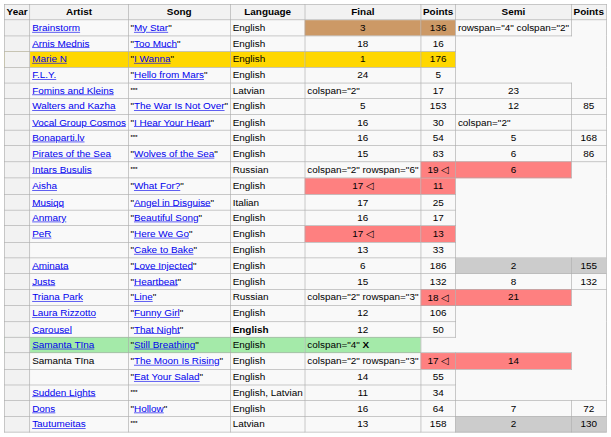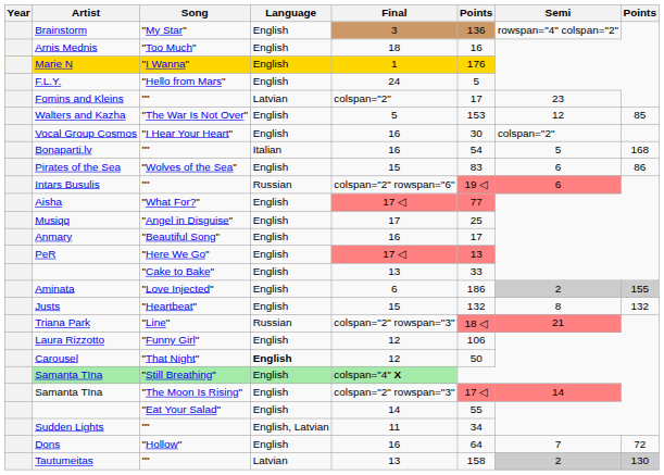 <table class="wikitable sortable plainrowheaders">
 <tr>
 <th scope="col">Year</th>
 <th scope="col">Artist</th>
 <th scope="col">Song</th>
 <th scope="col">Language</th>
 <th scope="col" data-sort-type="number">Final</th>
 <th scope="col" data-sort-type="number">Points</th>
 <th scope="col" data-sort-type="number">Semi</th>
 <th scope="col" data-sort-type="number">Points</th>
 </tr>
 <tr>
 <th scope="row" style="text-align:center;"></th>
 <td><a href='#'>Brainstorm</a></td>
 <td>"<a href='#'>My Star</a>"</td>
 <td>English</td>
 <td style="text-align:center; background-color:#C96;">3</td>
 <td style="text-align:center; background-color:#C96;">136</td>
 <td>rowspan="4" colspan="2" </td>
 </tr>
 <tr>
 <th scope="row" style="text-align:center;"></th>
 <td><a href='#'>Arnis Mednis</a></td>
 <td>"<a href='#'>Too Much</a>"</td>
 <td>English</td>
 <td style="text-align:center;">18</td>
 <td style="text-align:center;">16</td>
 </tr>
 <tr style="background-color:#FFD700;">
 <th scope="row" style="text-align:center;"></th>
 <td><a href='#'>Marie N</a></td>
 <td>"<a href='#'>I Wanna</a>"</td>
 <td>English</td>
 <td style="text-align:center;">1</td>
 <td style="text-align:center;">176</td>
 </tr>
 <tr>
 <th scope="row" style="text-align:center;"></th>
 <td><a href='#'>F.L.Y.</a></td>
 <td>"<a href='#'>Hello from Mars</a>"</td>
 <td>English</td>
 <td style="text-align:center;">24</td>
 <td style="text-align:center;">5</td>
 </tr>
 <tr>
 <th scope="row" style="text-align:center;"></th>
 <td><a href='#'>Fomins and Kleins</a></td>
 <td>""</td>
 <td>Latvian</td>
 <td>colspan="2" </td>
 <td style="text-align:center;">17</td>
 <td style="text-align:center;">23</td>
 </tr>
 <tr>
 <th scope="row" style="text-align:center;"></th>
 <td><a href='#'>Walters and Kazha</a></td>
 <td>"<a href='#'>The War Is Not Over</a>"</td>
 <td>English</td>
 <td style="text-align:center;">5</td>
 <td style="text-align:center;">153</td>
 <td style="text-align:center;">12</td>
 <td style="text-align:center;">85</td>
 </tr>
 <tr>
 <th scope="row" style="text-align:center;"></th>
 <td><a href='#'>Vocal Group Cosmos</a></td>
 <td>"<a href='#'>I Hear Your Heart</a>"</td>
 <td>English</td>
 <td style="text-align:center;">16</td>
 <td style="text-align:center;">30</td>
 <td>colspan="2" </td>
 </tr>
 <tr>
 <th scope="row" style="text-align:center;"></th>
 <td><a href='#'>Bonaparti.lv</a></td>
 <td>""</td>
-<td>English</td>
+<td>Italian</td>
 <td style="text-align:center;">16</td>
 <td style="text-align:center;">54</td>
 <td style="text-align:center;">5</td>
 <td style="text-align:center;">168</td>
 </tr>
 <tr>
 <th scope="row" style="text-align:center;"></th>
 <td><a href='#'>Pirates of the Sea</a></td>
 <td>"<a href='#'>Wolves of the Sea</a>"</td>
 <td>English</td>
 <td style="text-align:center;">15</td>
 <td style="text-align:center;">83</td>
 <td style="text-align:center;">6</td>
 <td style="text-align:center;">86</td>
 </tr>
 <tr>
 <th scope="row" style="text-align:center;"></th>
 <td><a href='#'>Intars Busulis</a></td>
 <td>"" </td>
 <td>Russian</td>
 <td>colspan="2" rowspan="6" </td>
 <td style="text-align:center; background-color:#FE8080;">19 ◁</td>
 <td style="text-align:center; background-color:#FE8080;">6</td>
 </tr>
 <tr>
 <th scope="row" style="text-align:center;"></th>
 <td><a href='#'>Aisha</a></td>
 <td>"<a href='#'>What For?</a>"</td>
 <td>English</td>
 <td style="text-align:center; background-color:#FE8080;">17 ◁</td>
-<td style="text-align:center; background-color:#FE8080;">11</td>
+<td style="text-align:center; background-color:#FE8080;">77</td>
 </tr>
 <tr>
 <th scope="row" style="text-align:center;"></th>
 <td><a href='#'>Musiqq</a></td>
 <td>"<a href='#'>Angel in Disguise</a>"</td>
-<td>Italian</td>
+<td>English</td>
 <td style="text-align:center;">17</td>
 <td style="text-align:center;">25</td>
 </tr>
 <tr>
 <th scope="row" style="text-align:center;"></th>
 <td><a href='#'>Anmary</a></td>
 <td>"<a href='#'>Beautiful Song</a>"</td>
 <td>English</td>
 <td style="text-align:center;">16</td>
 <td style="text-align:center;">17</td>
 </tr>
 <tr>
 <th scope="row" style="text-align:center;"></th>
 <td><a href='#'>PeR</a></td>
 <td>"<a href='#'>Here We Go</a>"</td>
 <td>English</td>
 <td style="text-align:center; background-color:#FE8080;">17 ◁</td>
 <td style="text-align:center; background-color:#FE8080;">13</td>
 </tr>
 <tr>
 <th scope="row" style="text-align:center;"></th>
 <td></td>
 <td>"<a href='#'>Cake to Bake</a>"</td>
 <td>English</td>
 <td style="text-align:center;">13</td>
 <td style="text-align:center;">33</td>
 </tr>
 <tr>
 <th scope="row" style="text-align:center;"></th>
 <td><a href='#'>Aminata</a></td>
 <td>"<a href='#'>Love Injected</a>"</td>
 <td>English</td>
 <td style="text-align:center;">6</td>
 <td style="text-align:center;">186</td>
 <td style="text-align:center; background-color:#CCC;">2</td>
 <td style="text-align:center; background-color:#CCC;">155</td>
 </tr>
 <tr>
 <th scope="row" style="text-align:center;"></th>
 <td><a href='#'>Justs</a></td>
 <td>"<a href='#'>Heartbeat</a>"</td>
 <td>English</td>
 <td style="text-align:center;">15</td>
 <td style="text-align:center;">132</td>
 <td style="text-align:center;">8</td>
 <td style="text-align:center;">132</td>
 </tr>
 <tr>
 <th scope="row" style="text-align:center;"></th>
 <td><a href='#'>Triana Park</a></td>
 <td>"<a href='#'>Line</a>"</td>
 <td>Russian</td>
 <td>colspan="2" rowspan="3" </td>
 <td style="text-align:center; background-color:#FE8080;">18 ◁</td>
 <td style="text-align:center; background-color:#FE8080;">21</td>
 </tr>
 <tr>
 <th scope="row" style="text-align:center;"></th>
 <td><a href='#'>Laura Rizzotto</a></td>
 <td>"<a href='#'>Funny Girl</a>"</td>
 <td>English</td>
 <td style="text-align:center;">12</td>
 <td style="text-align:center;">106</td>
 </tr>
 <tr>
 <th scope="row" style="text-align:center;"></th>
 <td><a href='#'>Carousel</a></td>
 <td>"<a href='#'>That Night</a>"</td>
 <td><strong>English</strong></td>
 <td style="text-align:center;">12</td>
 <td style="text-align:center;">50</td>
 </tr>
 <tr style="background-color:#A4EAA9;">
 <th scope="row" style="text-align:center;"></th>
 <td><a href='#'>Samanta Tīna</a></td>
 <td>"<a href='#'>Still Breathing</a>"</td>
 <td>English</td>
 <td>colspan="4"  <strong>X</strong></td>
 </tr>
 <tr>
 <th scope="row" style="text-align:center;"></th>
 <td>Samanta Tīna</td>
 <td>"<a href='#'>The Moon Is Rising</a>"</td>
 <td>English</td>
 <td>colspan="2" rowspan="3" </td>
 <td style="text-align:center; background-color:#FE8080;">17 ◁</td>
 <td style="text-align:center; background-color:#FE8080;">14</td>
 </tr>
 <tr>
 <th scope="row" style="text-align:center;"></th>
 <td></td>
 <td>"<a href='#'>Eat Your Salad</a>"</td>
 <td>English</td>
 <td style="text-align:center;">14</td>
 <td style="text-align:center;">55</td>
 </tr>
 <tr>
 <th scope="row" style="text-align:center;"></th>
 <td><a href='#'>Sudden Lights</a></td>
 <td>""</td>
 <td>English, Latvian</td>
 <td style="text-align:center;">11</td>
 <td style="text-align:center;">34</td>
 </tr>
 <tr>
 <th scope="row" style="text-align:center;"></th>
 <td><a href='#'>Dons</a></td>
 <td>"<a href='#'>Hollow</a>"</td>
 <td>English</td>
 <td style="text-align:center;">16</td>
 <td style="text-align:center;">64</td>
 <td style="text-align:center;">7</td>
 <td style="text-align:center;">72</td>
 </tr>
 <tr>
 <th scope="row" style="text-align:center;"></th>
 <td><a href='#'>Tautumeitas</a></td>
 <td>""</td>
 <td>Latvian</td>
 <td style="text-align:center;">13</td>
 <td style="text-align:center;">158</td>
 <td style="text-align:center; background-color:#CCC;">2</td>
 <td style="text-align:center; background-color:#CCC;">130</td>
 </tr>
 </table>
